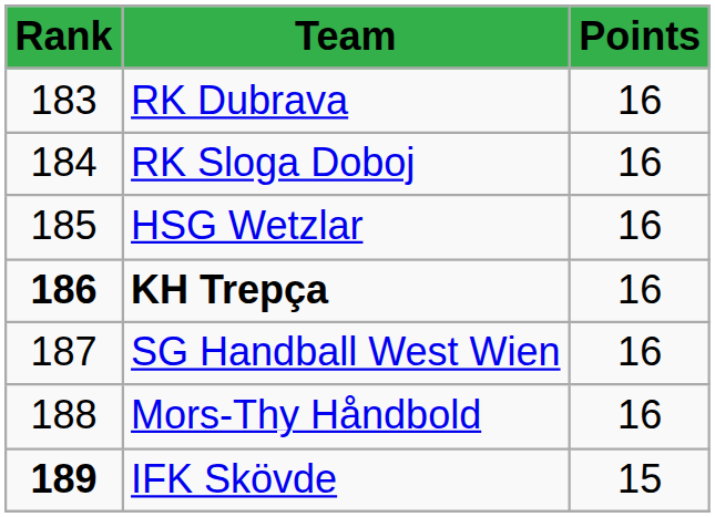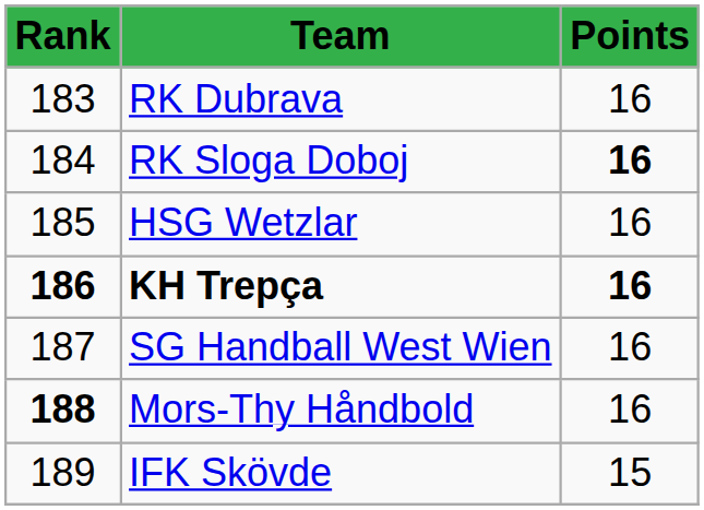 <table class="wikitable" style="text-align: center">
 <tr>
 <th style="color:#000000; background:#34B04A">Rank</th>
 <th style="color:#000000; background:#34B04A">Team</th>
 <th style="color:#000000; background:#34B04A">Points</th>
 </tr>
 <tr>
 <td>183</td>
 <td align=left> <a href='#'>RK Dubrava</a></td>
 <td>16</td>
 </tr>
 <tr>
 <td>184</td>
 <td align=left> <a href='#'>RK Sloga Doboj</a></td>
-<td>16</td>
+<td><strong>16</strong></td>
 </tr>
 <tr>
 <td>185</td>
 <td align=left> <a href='#'>HSG Wetzlar</a></td>
 <td>16</td>
 </tr>
 <tr>
 <td><strong>186</strong></td>
 <td align=left> <strong>KH Trepça</strong></td>
-<td>16</td>
+<td><strong>16</strong></td>
 </tr>
 <tr>
 <td>187</td>
 <td align=left> <a href='#'>SG Handball West Wien</a></td>
 <td>16</td>
 </tr>
 <tr>
-<td>188</td>
+<td><strong>188</strong></td>
 <td align=left> <a href='#'>Mors-Thy Håndbold</a></td>
 <td>16</td>
 </tr>
 <tr>
-<td><strong>189</strong></td>
+<td>189</td>
 <td align=left> <a href='#'>IFK Skövde</a></td>
 <td>15</td>
 </tr>
 <tr>
 </tr>
 </table>
